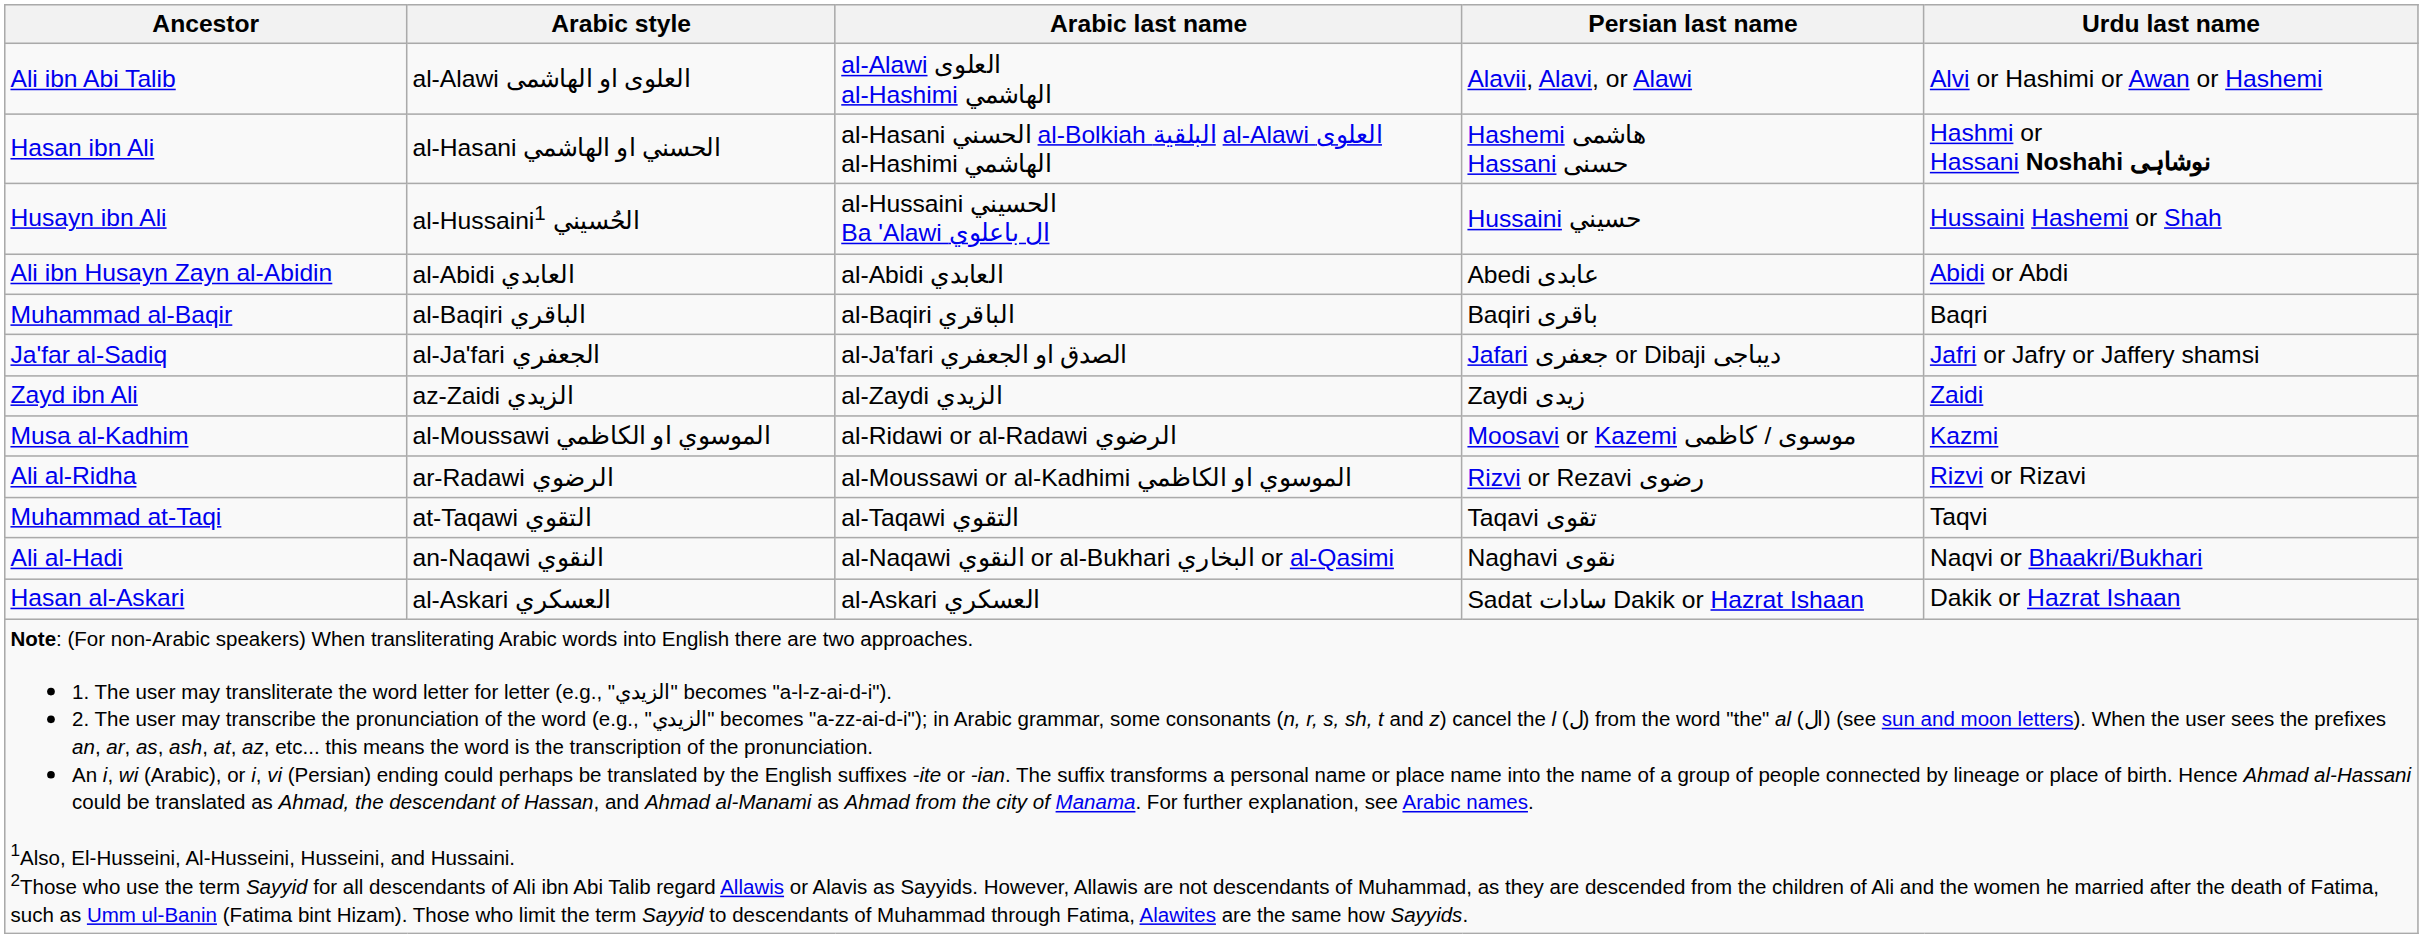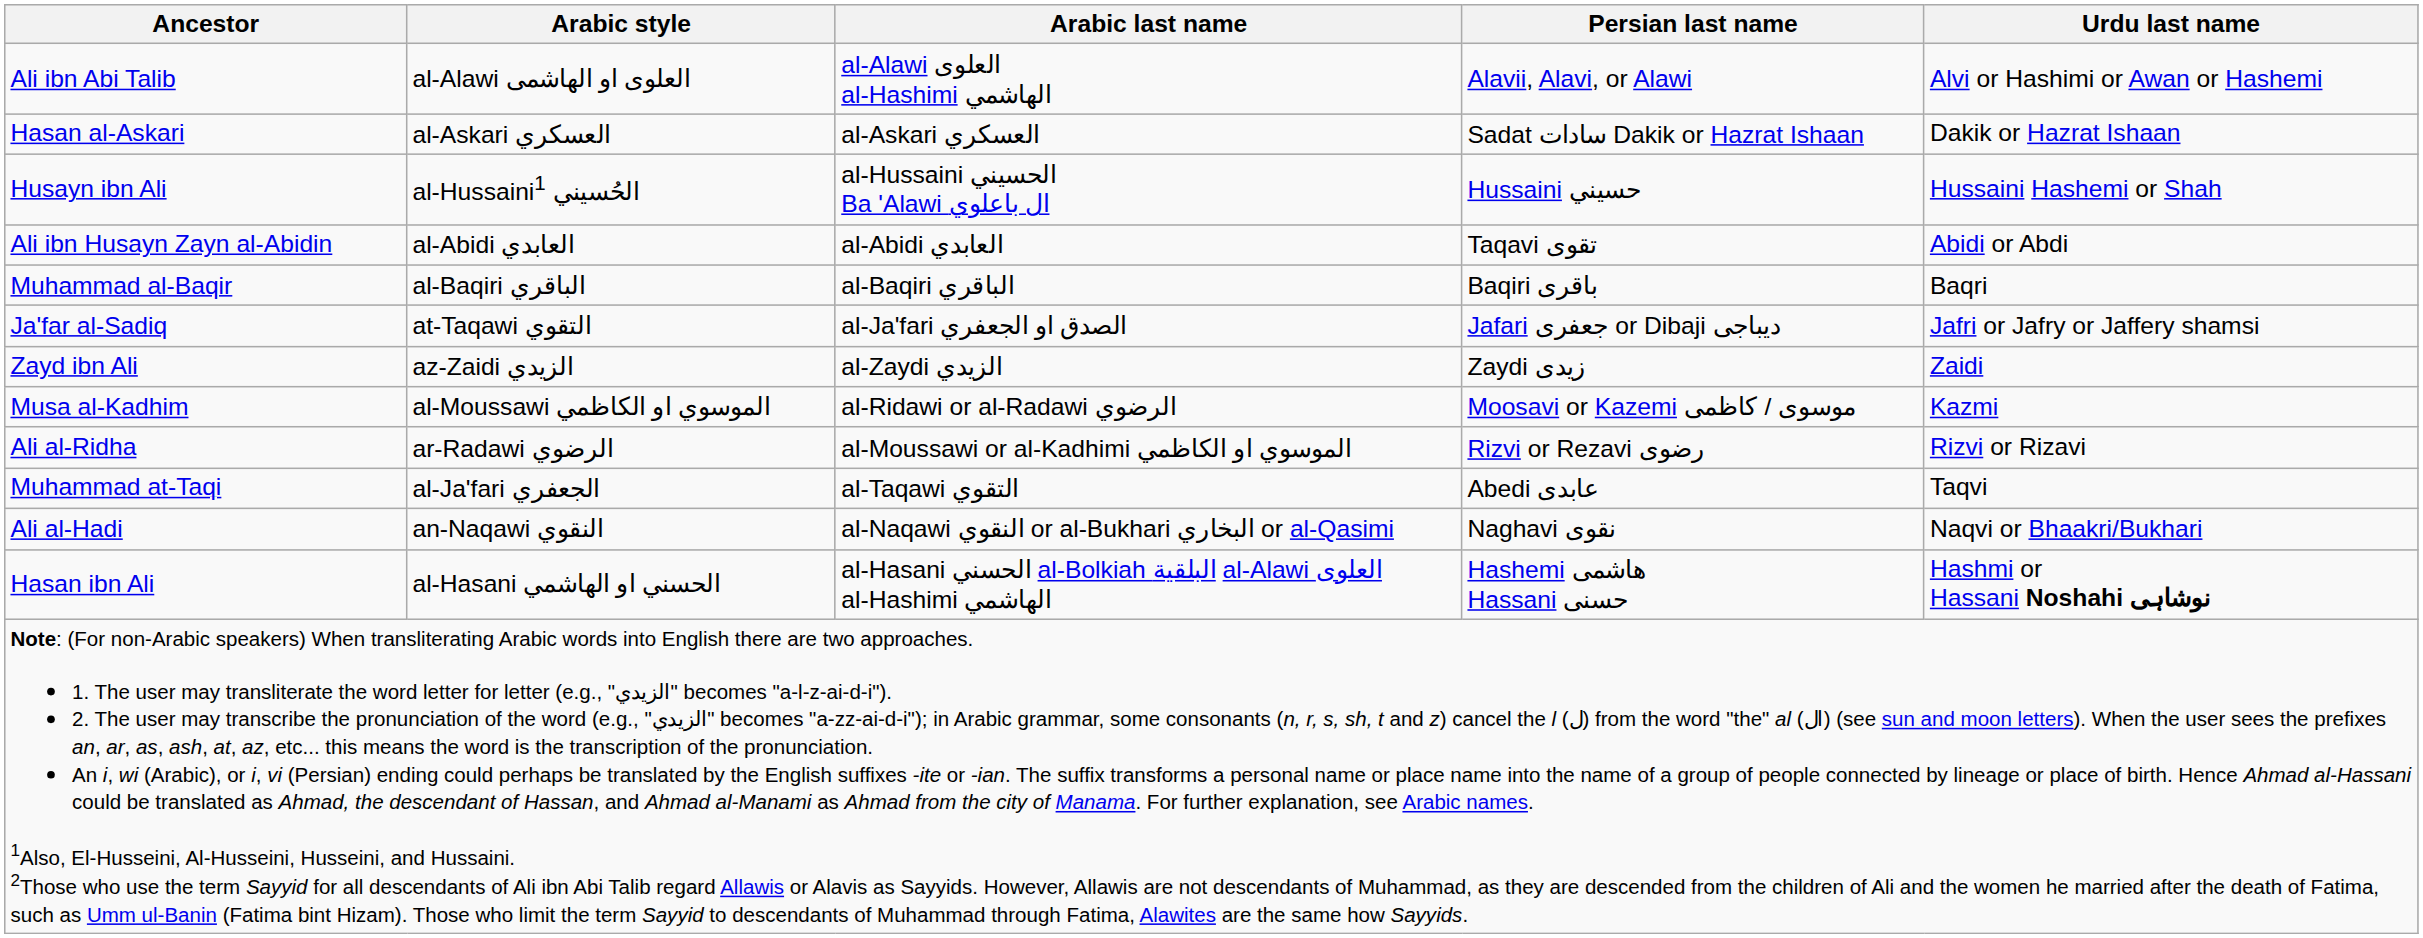 <table class="wikitable mw-collapsible">
 <tr>
 <th>Ancestor</th>
 <th>Arabic style</th>
 <th>Arabic last name</th>
 <th>Persian last name</th>
 <th>Urdu last name</th>
 </tr>
 <tr>
 <td><a href='#'>Ali ibn Abi Talib</a></td>
 <td>al-Alawi العلوی او الهاشمی</td>
 <td><a href='#'>al-Alawi</a> العلوی<br><a href='#'>al-Hashimi</a> الهاشمي</td>
 <td><a href='#'>Alavii</a>, <a href='#'>Alavi</a>, or <a href='#'>Alawi</a></td>
 <td><a href='#'>Alvi</a> or Hashimi  or <a href='#'>Awan</a> or <a href='#'>Hashemi</a></td>
 </tr>
 <tr>
-<td><a href='#'>Hasan ibn Ali</a></td>
-<td>al-Hasani الحسني او الهاشمي</td>
-<td>al-Hasani الحسني <a href='#'>al-Bolkiah البلقية</a> <a href='#'>al-Alawi العلوی</a><br>al-Hashimi الهاشمي</td>
-<td><a href='#'>Hashemi</a> هاشمی<br><a href='#'>Hassani</a> حسنى</td>
-<td><a href='#'>Hashmi</a>  or<br><a href='#'>Hassani</a>  <strong>Noshahi نوشاہی</strong></td>
+<td><a href='#'>Hasan al-Askari</a></td>
+<td>al-Askari العسکري</td>
+<td>al-Askari العسکري</td>
+<td>Sadat سادات Dakik  or <a href='#'>Hazrat Ishaan</a> </td>
+<td>Dakik  or <a href='#'>Hazrat Ishaan</a> </td>
 </tr>
 <tr>
 <td><a href='#'>Husayn ibn Ali</a></td>
 <td>al-Hussaini<sup>1</sup> الحُسيني</td>
 <td>al-Hussaini الحسيني<br><a href='#'>Ba 'Alawi ال باعلوي</a></td>
 <td><a href='#'>Hussaini</a> حسيني</td>
 <td><a href='#'>Hussaini</a>  <a href='#'>Hashemi</a>  or <a href='#'>Shah</a></td>
 </tr>
 <tr>
 <td><a href='#'>Ali ibn Husayn Zayn al-Abidin</a></td>
 <td>al-Abidi العابدي</td>
 <td>al-Abidi العابدي</td>
-<td>Abedi عابدى</td>
+<td>Taqavi تقوى</td>
 <td><a href='#'>Abidi</a> or Abdi </td>
 </tr>
 <tr>
 <td><a href='#'>Muhammad al-Baqir</a></td>
 <td>al-Baqiri الباقري</td>
 <td>al-Baqiri الباقري</td>
 <td>Baqiri باقری</td>
 <td>Baqri </td>
 </tr>
 <tr>
 <td><a href='#'>Ja'far al-Sadiq</a></td>
-<td>al-Ja'fari الجعفري</td>
+<td>at-Taqawi التقوي</td>
 <td>al-Ja'fari الصدق او الجعفري</td>
 <td><a href='#'>Jafari</a> جعفرى or Dibaji دیباجی</td>
 <td><a href='#'>Jafri</a> or Jafry  or Jaffery shamsi </td>
 </tr>
 <tr>
 <td><a href='#'>Zayd ibn Ali</a></td>
 <td>az-Zaidi الزيدي</td>
 <td>al-Zaydi الزيدي</td>
 <td>Zaydi زیدی</td>
 <td><a href='#'>Zaidi</a> </td>
 </tr>
 <tr>
 <td><a href='#'>Musa al-Kadhim</a></td>
 <td>al-Moussawi الموسوي او الكاظمي</td>
 <td>al-Ridawi or al-Radawi الرضوي</td>
 <td><a href='#'>Moosavi</a> or <a href='#'>Kazemi</a> موسوى / کاظمى</td>
 <td><a href='#'>Kazmi</a> </td>
 </tr>
 <tr>
 <td><a href='#'>Ali al-Ridha</a></td>
 <td>ar-Radawi الرضوي</td>
 <td>al-Moussawi or al-Kadhimi الموسوي او الكاظمي</td>
 <td><a href='#'>Rizvi</a> or Rezavi رضوى</td>
 <td><a href='#'>Rizvi</a> or Rizavi </td>
 </tr>
 <tr>
 <td><a href='#'>Muhammad at-Taqi</a></td>
-<td>at-Taqawi التقوي</td>
+<td>al-Ja'fari الجعفري</td>
 <td>al-Taqawi التقوي</td>
-<td>Taqavi تقوى</td>
+<td>Abedi عابدى</td>
 <td>Taqvi </td>
 </tr>
 <tr>
 <td><a href='#'>Ali al-Hadi</a></td>
 <td>an-Naqawi النقوي</td>
 <td>al-Naqawi النقوي or al-Bukhari البخاري or <a href='#'>al-Qasimi</a> </td>
 <td>Naghavi نقوى</td>
 <td>Naqvi  or <a href='#'>Bhaakri/Bukhari</a> </td>
 </tr>
 <tr>
-<td><a href='#'>Hasan al-Askari</a></td>
-<td>al-Askari العسکري</td>
-<td>al-Askari العسکري</td>
-<td>Sadat سادات Dakik  or <a href='#'>Hazrat Ishaan</a> </td>
-<td>Dakik  or <a href='#'>Hazrat Ishaan</a> </td>
+<td><a href='#'>Hasan ibn Ali</a></td>
+<td>al-Hasani الحسني او الهاشمي</td>
+<td>al-Hasani الحسني <a href='#'>al-Bolkiah البلقية</a> <a href='#'>al-Alawi العلوی</a><br>al-Hashimi الهاشمي</td>
+<td><a href='#'>Hashemi</a> هاشمی<br><a href='#'>Hassani</a> حسنى</td>
+<td><a href='#'>Hashmi</a>  or<br><a href='#'>Hassani</a>  <strong>Noshahi نوشاہی</strong></td>
 </tr>
 <tr>
 <td colspan="5"><small><strong>Note</strong>: (For non-Arabic speakers) When transliterating Arabic words into English there are two approaches.</small><br><ul><li><small>1. The user may transliterate the word letter for letter (e.g., "الزيدي" becomes "a-l-z-ai-d-i").</small></li><li><small>2. The user may transcribe the pronunciation of the word (e.g., "الزيدي" becomes "a-zz-ai-d-i"); in Arabic grammar, some consonants (<em>n, r, s, sh, t</em> and <em>z</em>) cancel the <em>l</em> (ل) from the word "the" <em>al</em> (ال) (see <a href='#'>sun and moon letters</a>). When the user sees the prefixes <em>an</em>, <em>ar</em>, <em>as</em>, <em>ash</em>, <em>at</em>, <em>az</em>, etc... this means the word is the transcription of the pronunciation.</small></li><li><small>An <em>i</em>, <em>wi</em> (Arabic), or <em>i</em>, <em>vi</em> (Persian) ending could perhaps be translated by the English suffixes <em>-ite</em> or <em>-ian</em>. The suffix transforms a personal name or place name into the name of a group of people connected by lineage or place of birth. Hence <em>Ahmad al-Hassani</em> could be translated as <em>Ahmad, the descendant of Hassan</em>, and <em>Ahmad al-Manami</em> as <em>Ahmad from the city of <a href='#'>Manama</a></em>. For further explanation, see <a href='#'>Arabic names</a>.</small></li></ul><small><sup>1</sup>Also, El-Husseini, Al-Husseini, Husseini, and Hussaini.</small><br><small><sup>2</sup>Those who use the term <em>Sayyid</em> for all descendants of Ali ibn Abi Talib regard <a href='#'>Allawis</a> or Alavis as Sayyids. However, Allawis are not descendants of Muhammad, as they are descended from the children of Ali and the women he married after the death of Fatima, such as <a href='#'>Umm ul-Banin</a> (Fatima bint Hizam). Those who limit the term <em>Sayyid</em> to descendants of Muhammad through Fatima, <a href='#'>Alawites</a> are the same how <em>Sayyids</em>.</small></td>
 </tr>
 </table>
